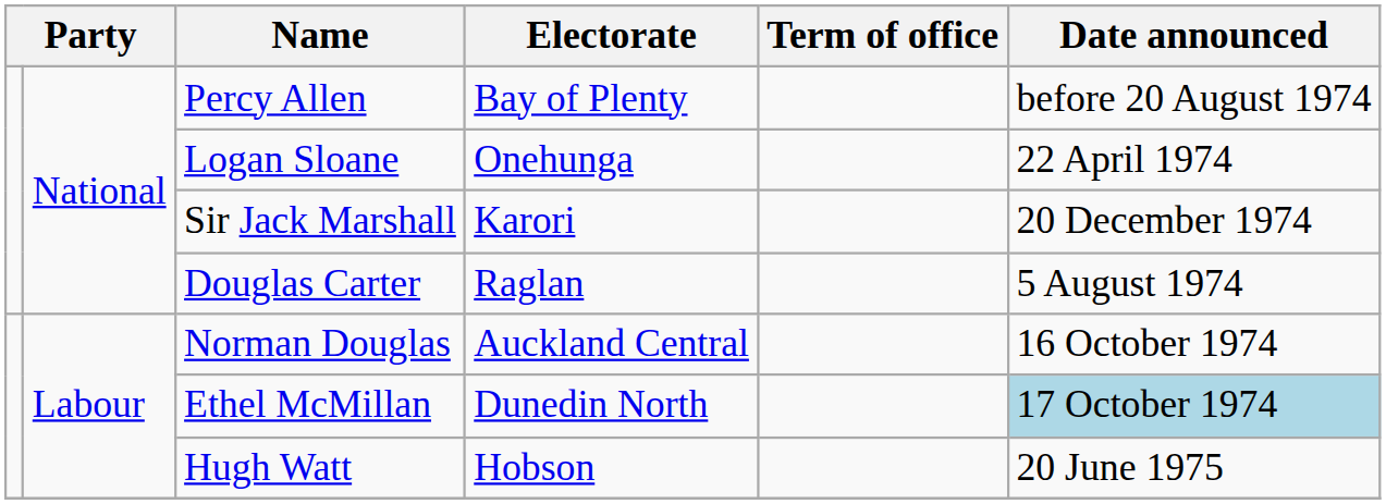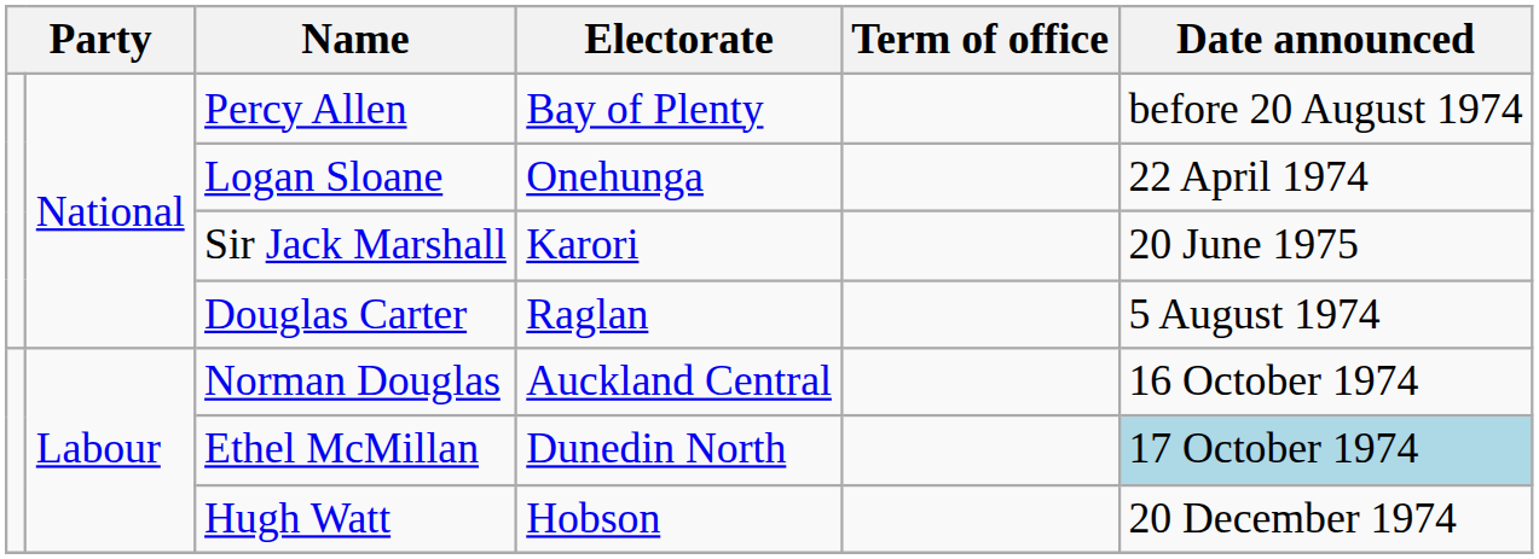 <table class="wikitable">
 <tr>
 <th colspan=2>Party</th>
 <th>Name</th>
 <th>Electorate</th>
 <th>Term of office</th>
 <th>Date announced</th>
 </tr>
 <tr>
 <td rowspan=4 style="background-color: "></td>
 <td rowspan=4><a href='#'>National</a></td>
 <td><a href='#'>Percy Allen</a></td>
 <td><a href='#'>Bay of Plenty</a></td>
 <td></td>
 <td>before 20 August 1974</td>
 </tr>
 <tr>
 <td><a href='#'>Logan Sloane</a></td>
 <td><a href='#'>Onehunga</a></td>
 <td></td>
 <td>22 April 1974</td>
 </tr>
 <tr>
 <td>Sir <a href='#'>Jack Marshall</a></td>
 <td><a href='#'>Karori</a></td>
 <td></td>
-<td>20 December 1974</td>
+<td>20 June 1975</td>
 </tr>
 <tr>
 <td><a href='#'>Douglas Carter</a></td>
 <td><a href='#'>Raglan</a></td>
 <td></td>
 <td>5 August 1974</td>
 </tr>
 <tr>
 <td rowspan=3 style="background-color: "></td>
 <td rowspan=3><a href='#'>Labour</a></td>
 <td><a href='#'>Norman Douglas</a></td>
 <td><a href='#'>Auckland Central</a></td>
 <td></td>
 <td>16 October 1974</td>
 </tr>
 <tr>
 <td><a href='#'>Ethel McMillan</a></td>
 <td><a href='#'>Dunedin North</a></td>
 <td></td>
 <td style="background: lightblue;">17 October 1974</td>
 </tr>
 <tr>
 <td><a href='#'>Hugh Watt</a></td>
 <td><a href='#'>Hobson</a></td>
 <td></td>
-<td>20 June 1975</td>
+<td>20 December 1974</td>
 </tr>
 <tr>
 </tr>
 </table>
